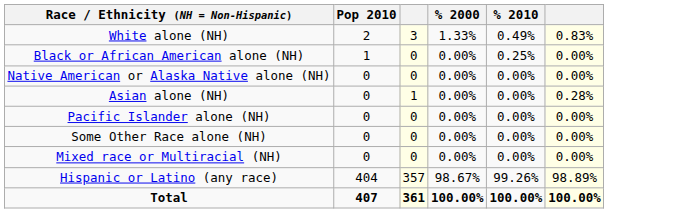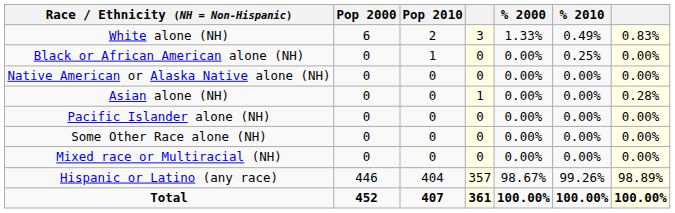 <table class="wikitable" style="text-align:center;">
 <tr>
 <th>Race / Ethnicity <small>(<em>NH = Non-Hispanic</em>)</small></th>
+<th>Pop 2000</th>
 <th>Pop 2010</th>
 <th></th>
 <th>% 2000</th>
 <th>% 2010</th>
 <th></th>
 </tr>
 <tr>
 <td><a href='#'>White</a> alone (NH)</td>
+<td>6</td>
 <td>2</td>
 <td style='background: #ffffe6;'>3</td>
 <td>1.33%</td>
 <td>0.49%</td>
 <td style='background: #ffffe6;'>0.83%</td>
 </tr>
 <tr>
 <td><a href='#'>Black or African American</a> alone (NH)</td>
+<td>0</td>
 <td>1</td>
 <td style='background: #ffffe6;'>0</td>
 <td>0.00%</td>
 <td>0.25%</td>
 <td style='background: #ffffe6;'>0.00%</td>
 </tr>
 <tr>
 <td><a href='#'>Native American</a> or <a href='#'>Alaska Native</a> alone (NH)</td>
 <td>0</td>
+<td>0</td>
 <td style='background: #ffffe6;'>0</td>
 <td>0.00%</td>
 <td>0.00%</td>
 <td style='background: #ffffe6;'>0.00%</td>
 </tr>
 <tr>
 <td><a href='#'>Asian</a> alone (NH)</td>
+<td>0</td>
 <td>0</td>
 <td style='background: #ffffe6;'>1</td>
 <td>0.00%</td>
 <td>0.00%</td>
 <td style='background: #ffffe6;'>0.28%</td>
 </tr>
 <tr>
 <td><a href='#'>Pacific Islander</a> alone (NH)</td>
 <td>0</td>
+<td>0</td>
 <td style='background: #ffffe6;'>0</td>
 <td>0.00%</td>
 <td>0.00%</td>
 <td style='background: #ffffe6;'>0.00%</td>
 </tr>
 <tr>
 <td>Some Other Race alone (NH)</td>
+<td>0</td>
 <td>0</td>
 <td style='background: #ffffe6;'>0</td>
 <td>0.00%</td>
 <td>0.00%</td>
 <td style='background: #ffffe6;'>0.00%</td>
 </tr>
 <tr>
 <td><a href='#'>Mixed race or Multiracial</a> (NH)</td>
 <td>0</td>
+<td>0</td>
 <td style='background: #ffffe6;'>0</td>
 <td>0.00%</td>
 <td>0.00%</td>
 <td style='background: #ffffe6;'>0.00%</td>
 </tr>
 <tr>
 <td><a href='#'>Hispanic or Latino</a> (any race)</td>
+<td>446</td>
 <td>404</td>
 <td style='background: #ffffe6;'>357</td>
 <td>98.67%</td>
 <td>99.26%</td>
 <td style='background: #ffffe6;'>98.89%</td>
 </tr>
 <tr>
 <td><strong>Total</strong></td>
+<td><strong>452</strong></td>
 <td><strong>407</strong></td>
 <td style='background: #ffffe6;'><strong>361</strong></td>
 <td><strong>100.00%</strong></td>
 <td><strong>100.00%</strong></td>
 <td style='background: #ffffe6;'><strong>100.00%</strong></td>
 </tr>
 </table>
